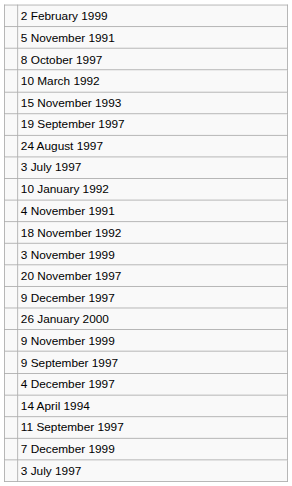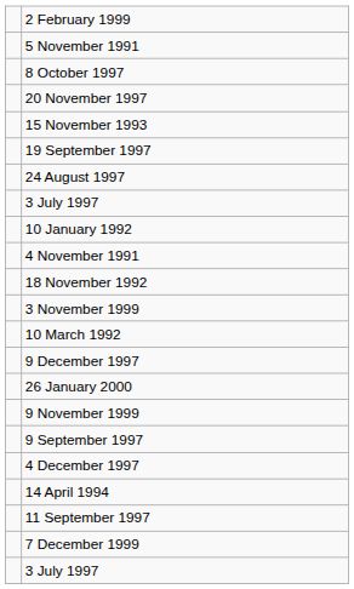 <table class="wikitable" style="font-size: 89%; float: left; width: 24em; margin-right: 1em; height: 575px;">
 <tr>
 <td></td>
 <td>2 February 1999</td>
 </tr>
 <tr>
 <td></td>
 <td>5 November 1991</td>
 </tr>
 <tr>
 <td></td>
 <td>8 October 1997</td>
 </tr>
 <tr>
 <td></td>
-<td>10 March 1992</td>
+<td>20 November 1997</td>
 </tr>
 <tr>
 <td></td>
 <td>15 November 1993</td>
 </tr>
 <tr>
 <td></td>
 <td>19 September 1997</td>
 </tr>
 <tr>
 <td></td>
 <td>24 August 1997</td>
 </tr>
 <tr>
 <td></td>
 <td>3 July 1997</td>
 </tr>
 <tr>
 <td></td>
 <td>10 January 1992</td>
 </tr>
 <tr>
 <td></td>
 <td>4 November 1991</td>
 </tr>
 <tr>
 <td></td>
 <td>18 November 1992</td>
 </tr>
 <tr>
 <td></td>
 <td>3 November 1999</td>
 </tr>
 <tr>
 <td></td>
-<td>20 November 1997</td>
+<td>10 March 1992</td>
 </tr>
 <tr>
 <td></td>
 <td>9 December 1997</td>
 </tr>
 <tr>
 <td></td>
 <td>26 January 2000</td>
 </tr>
 <tr>
 <td></td>
 <td>9 November 1999</td>
 </tr>
 <tr>
 <td></td>
 <td>9 September 1997</td>
 </tr>
 <tr>
 <td></td>
 <td>4 December 1997</td>
 </tr>
 <tr>
 <td></td>
 <td>14 April 1994</td>
 </tr>
 <tr>
 <td></td>
 <td>11 September 1997</td>
 </tr>
 <tr>
 <td></td>
 <td>7 December 1999</td>
 </tr>
 <tr>
 <td></td>
 <td>3 July 1997</td>
 </tr>
 </table>
